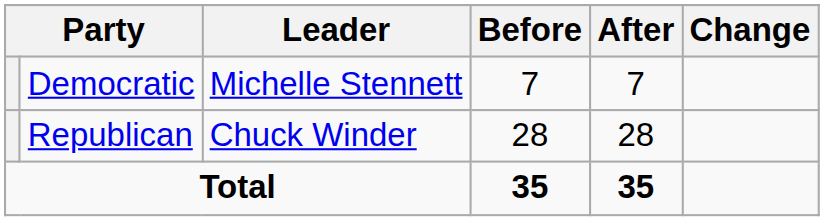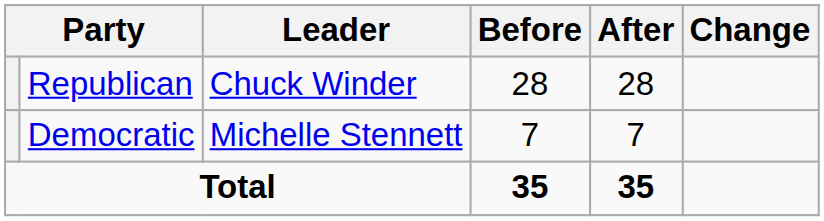 <table class="wikitable" style="text-align:center;">
 <tr>
 </tr>
 <tr>
 <th colspan=2>Party</th>
 <th>Leader</th>
 <th>Before</th>
 <th>After</th>
 <th>Change</th>
 </tr>
 <tr>
 <th style="background-color:"></th>
+<td style="text-align:left;"><a href='#'>Republican</a></td>
+<td style="text-align:left;"><a href='#'>Chuck Winder</a></td>
+<td>28</td>
+<td>28</td>
+<td></td>
+</tr>
+<tr>
+<th style="background-color:"></th>
 <td style="text-align:left;"><a href='#'>Democratic</a></td>
 <td style="text-align:left;"><a href='#'>Michelle Stennett</a></td>
 <td>7</td>
 <td>7</td>
-<td></td>
-</tr>
-<tr>
-<th style="background-color:"></th>
-<td style="text-align:left;"><a href='#'>Republican</a></td>
-<td style="text-align:left;"><a href='#'>Chuck Winder</a></td>
-<td>28</td>
-<td>28</td>
 <td></td>
 </tr>
 <tr>
 <td colspan=3><strong>Total</strong></td>
 <td><strong>35</strong></td>
 <td><strong>35</strong></td>
 <td></td>
 </tr>
 </table>
